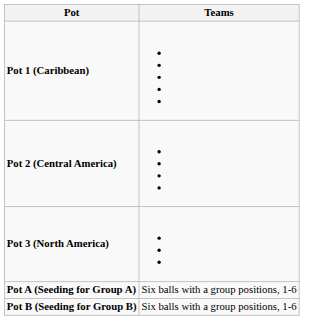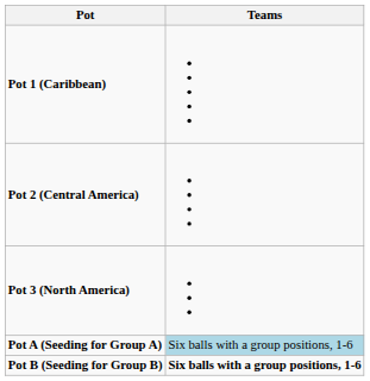 <table class="wikitable">
 <tr>
 <th>Pot</th>
 <th>Teams</th>
 </tr>
 <tr>
 <td><strong>Pot 1 (Caribbean)</strong></td>
 <td><br><ul><li></li><li></li><li></li><li></li><li></li></ul></td>
 </tr>
 <tr>
 <td><strong>Pot 2 (Central America)</strong></td>
 <td><br><ul><li></li><li></li><li></li><li></li></ul></td>
 </tr>
 <tr>
 <td><strong>Pot 3 (North America)</strong></td>
 <td><br><ul><li></li><li></li><li></li></ul></td>
 </tr>
 <tr>
 <td><strong>Pot A (Seeding for Group A)</strong></td>
-<td>Six balls with a group positions, 1-6</td>
+<td style="background: lightblue;">Six balls with a group positions, 1-6</td>
 </tr>
 <tr>
 <td><strong>Pot B (Seeding for Group B)</strong></td>
-<td>Six balls with a group positions, 1-6</td>
+<td><strong>Six balls with a group positions, 1-6</strong></td>
 </tr>
 </table>
